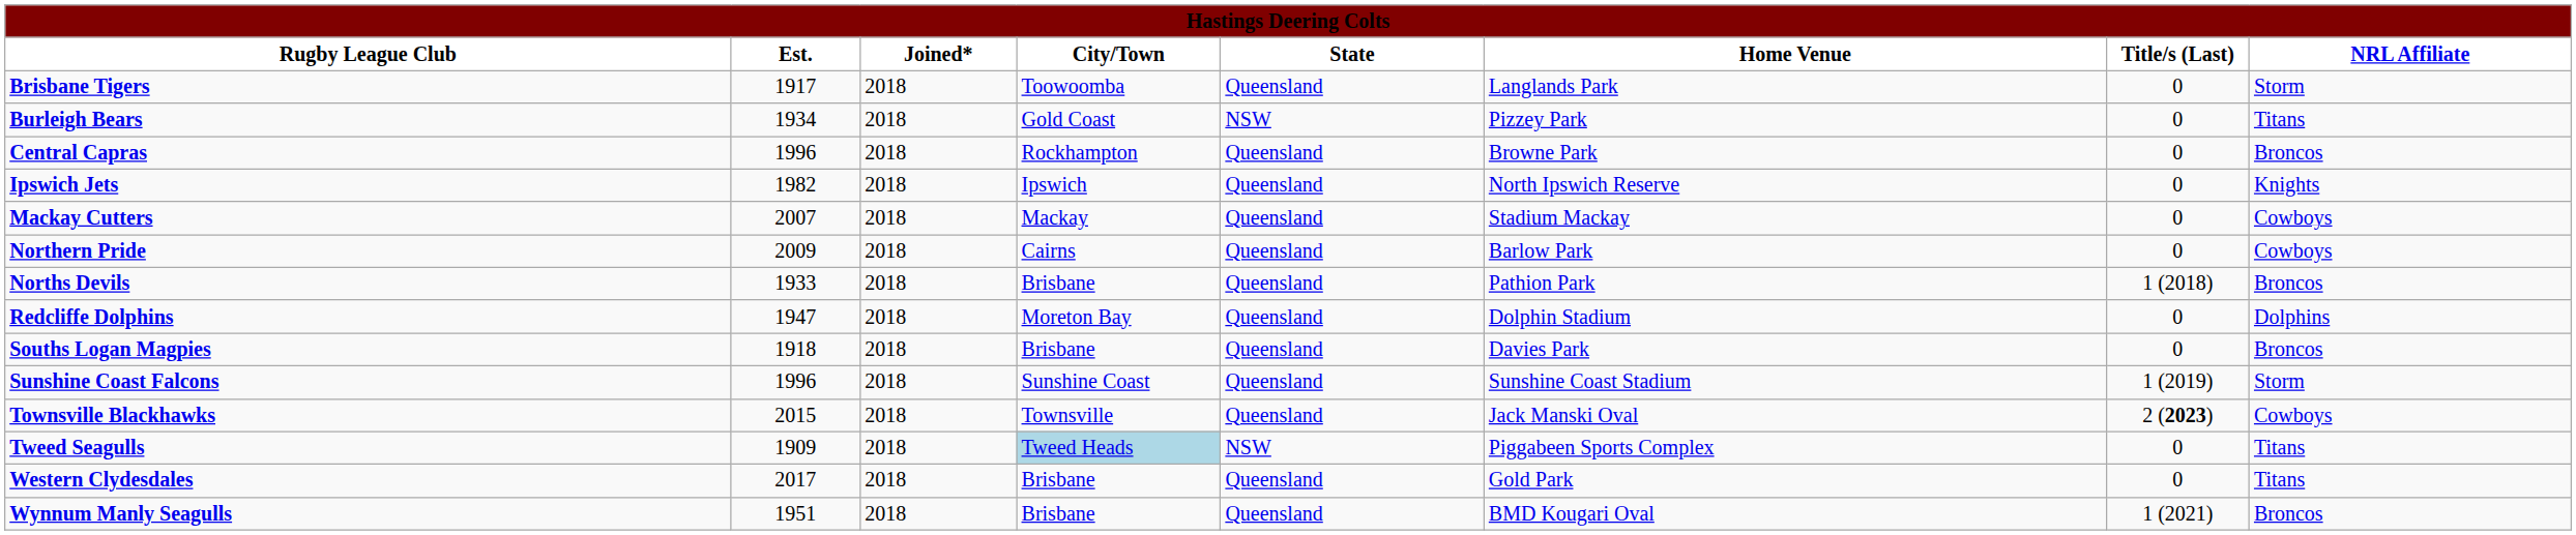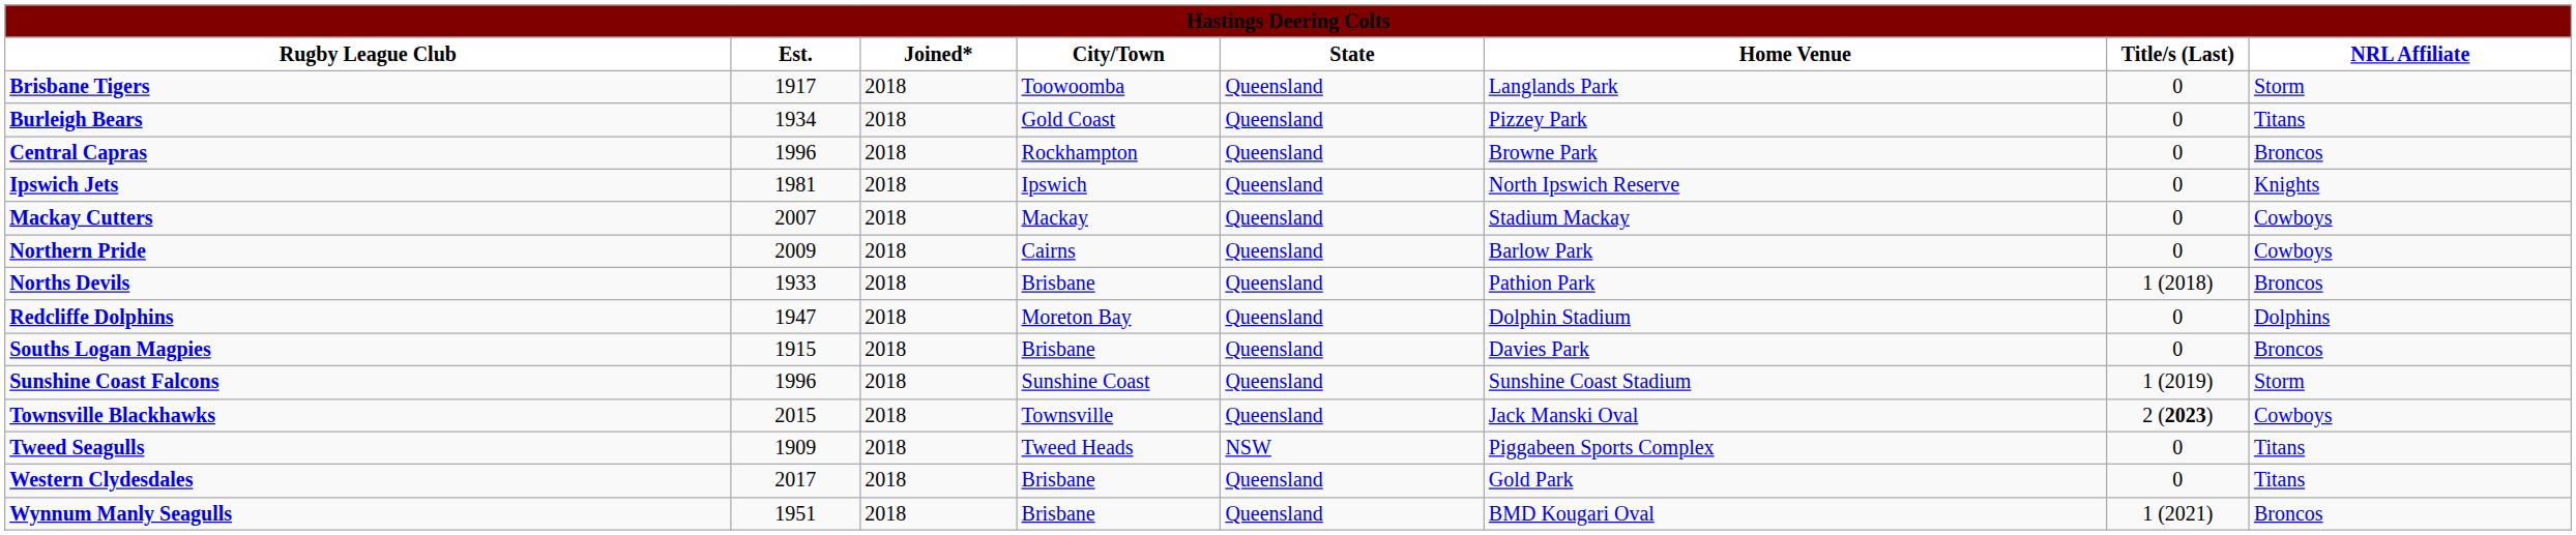 <table class="wikitable" style="width: 100%">
 <tr>
 <td style="background:maroon; text-align:center;" colspan="9"><strong><span>Hastings Deering Colts</span></strong></td>
 </tr>
 <tr>
 <th style="background:white; width:07%">Rugby League Club</th>
 <th style="background:white; width:01%">Est.</th>
 <th style="background:white; width:01%">Joined*</th>
 <th style="background:white; width:01%">City/Town</th>
 <th style="background:white; width:02%">State</th>
 <th style="background:white; width:06%">Home Venue</th>
 <th style="background:white; width:01%">Title/s (Last)</th>
 <th style="background:white; width:03%"><a href='#'>NRL Affiliate</a></th>
 </tr>
 <tr>
 <td> <strong><a href='#'>Brisbane Tigers</a></strong></td>
 <td align=center>1917</td>
 <td>2018</td>
 <td><a href='#'>Toowoomba</a></td>
 <td><a href='#'>Queensland</a></td>
 <td><a href='#'>Langlands Park</a></td>
 <td align=center>0</td>
 <td> <a href='#'>Storm</a></td>
 </tr>
 <tr>
 <td> <strong><a href='#'>Burleigh Bears</a></strong></td>
 <td align=center>1934</td>
 <td>2018</td>
 <td><a href='#'>Gold Coast</a></td>
-<td><a href='#'>NSW</a></td>
+<td><a href='#'>Queensland</a></td>
 <td><a href='#'>Pizzey Park</a></td>
 <td align=center>0</td>
 <td> <a href='#'>Titans</a></td>
 </tr>
 <tr>
 <td> <strong><a href='#'>Central Capras</a></strong></td>
 <td align=center>1996</td>
 <td>2018</td>
 <td><a href='#'>Rockhampton</a></td>
 <td><a href='#'>Queensland</a></td>
 <td><a href='#'>Browne Park</a></td>
 <td align=center>0</td>
 <td> <a href='#'>Broncos</a></td>
 </tr>
 <tr>
 <td> <strong><a href='#'>Ipswich Jets</a></strong></td>
-<td align=center>1982</td>
+<td align=center>1981</td>
 <td>2018</td>
 <td><a href='#'>Ipswich</a></td>
 <td><a href='#'>Queensland</a></td>
 <td><a href='#'>North Ipswich Reserve</a></td>
 <td align=center>0</td>
 <td> <a href='#'>Knights</a></td>
 </tr>
 <tr>
 <td> <strong><a href='#'>Mackay Cutters</a></strong></td>
 <td align=center>2007</td>
 <td>2018</td>
 <td><a href='#'>Mackay</a></td>
 <td><a href='#'>Queensland</a></td>
 <td><a href='#'>Stadium Mackay</a></td>
 <td align=center>0</td>
 <td> <a href='#'>Cowboys</a></td>
 </tr>
 <tr>
 <td> <strong><a href='#'>Northern Pride</a></strong></td>
 <td align=center>2009</td>
 <td>2018</td>
 <td><a href='#'>Cairns</a></td>
 <td><a href='#'>Queensland</a></td>
 <td><a href='#'>Barlow Park</a></td>
 <td align=center>0</td>
 <td> <a href='#'>Cowboys</a></td>
 </tr>
 <tr>
 <td> <strong><a href='#'>Norths Devils</a></strong></td>
 <td align=center>1933</td>
 <td>2018</td>
 <td><a href='#'>Brisbane</a></td>
 <td><a href='#'>Queensland</a></td>
 <td><a href='#'>Pathion Park</a></td>
 <td align=center>1 (2018)</td>
 <td> <a href='#'>Broncos</a></td>
 </tr>
 <tr>
 <td> <strong><a href='#'>Redcliffe Dolphins</a></strong></td>
 <td align=center>1947</td>
 <td>2018</td>
 <td><a href='#'>Moreton Bay</a></td>
 <td><a href='#'>Queensland</a></td>
 <td><a href='#'>Dolphin Stadium</a></td>
 <td align=center>0</td>
 <td> <a href='#'>Dolphins</a></td>
 </tr>
 <tr>
 <td> <strong><a href='#'>Souths Logan Magpies</a></strong></td>
-<td align=center>1918</td>
+<td align=center>1915</td>
 <td>2018</td>
 <td><a href='#'>Brisbane</a></td>
 <td><a href='#'>Queensland</a></td>
 <td><a href='#'>Davies Park</a></td>
 <td align=center>0</td>
 <td> <a href='#'>Broncos</a></td>
 </tr>
 <tr>
 <td> <strong><a href='#'>Sunshine Coast Falcons</a></strong></td>
 <td align=center>1996</td>
 <td>2018</td>
 <td><a href='#'>Sunshine Coast</a></td>
 <td><a href='#'>Queensland</a></td>
 <td><a href='#'>Sunshine Coast Stadium</a></td>
 <td align=center>1 (2019)</td>
 <td> <a href='#'>Storm</a></td>
 </tr>
 <tr>
 <td> <strong><a href='#'>Townsville Blackhawks</a></strong></td>
 <td align=center>2015</td>
 <td>2018</td>
 <td><a href='#'>Townsville</a></td>
 <td><a href='#'>Queensland</a></td>
 <td><a href='#'>Jack Manski Oval</a></td>
 <td align=center>2 (<strong>2023</strong>)</td>
 <td> <a href='#'>Cowboys</a></td>
 </tr>
 <tr>
 <td> <strong><a href='#'>Tweed Seagulls</a></strong></td>
 <td align=center>1909</td>
 <td>2018</td>
-<td style="background: lightblue;"><a href='#'>Tweed Heads</a></td>
+<td><a href='#'>Tweed Heads</a></td>
 <td><a href='#'>NSW</a></td>
 <td><a href='#'>Piggabeen Sports Complex</a></td>
 <td align=center>0</td>
 <td> <a href='#'>Titans</a></td>
 </tr>
 <tr>
 <td> <strong><a href='#'>Western Clydesdales</a></strong></td>
 <td align=center>2017</td>
 <td>2018</td>
 <td><a href='#'>Brisbane</a></td>
 <td><a href='#'>Queensland</a></td>
 <td><a href='#'>Gold Park</a></td>
 <td align=center>0</td>
 <td> <a href='#'>Titans</a></td>
 </tr>
 <tr>
 <td> <strong><a href='#'>Wynnum Manly Seagulls</a></strong></td>
 <td align=center>1951</td>
 <td>2018</td>
 <td><a href='#'>Brisbane</a></td>
 <td><a href='#'>Queensland</a></td>
 <td><a href='#'>BMD Kougari Oval</a></td>
 <td align=center>1 (2021)</td>
 <td> <a href='#'>Broncos</a></td>
 </tr>
 </table>
